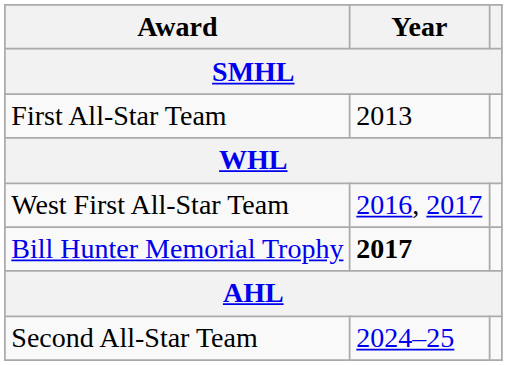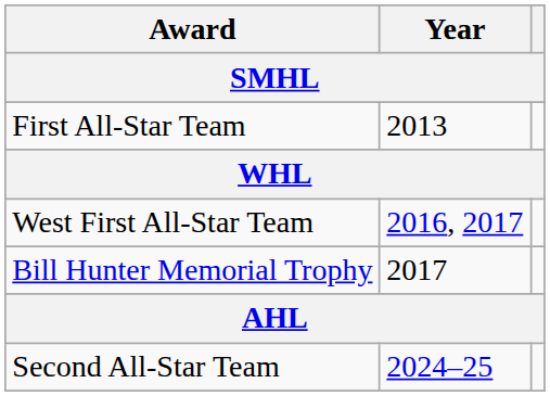 <table class="wikitable">
 <tr>
 <th>Award</th>
 <th>Year</th>
 <th></th>
 </tr>
 <tr bgcolor="#e0e0e0">
 <th colspan="3"><a href='#'>SMHL</a></th>
 </tr>
 <tr>
 <td>First All-Star Team</td>
 <td>2013</td>
 <td></td>
 </tr>
 <tr>
 <th colspan="3"><a href='#'>WHL</a></th>
 </tr>
 <tr>
 <td>West First All-Star Team</td>
 <td><a href='#'>2016</a>, <a href='#'>2017</a></td>
 <td></td>
 </tr>
 <tr>
 <td><a href='#'>Bill Hunter Memorial Trophy</a></td>
-<td><strong>2017</strong></td>
+<td>2017</td>
 <td></td>
 </tr>
 <tr>
 <th colspan="3"><a href='#'>AHL</a></th>
 </tr>
 <tr>
 <td>Second All-Star Team</td>
 <td><a href='#'>2024–25</a></td>
 <td></td>
 </tr>
 </table>
